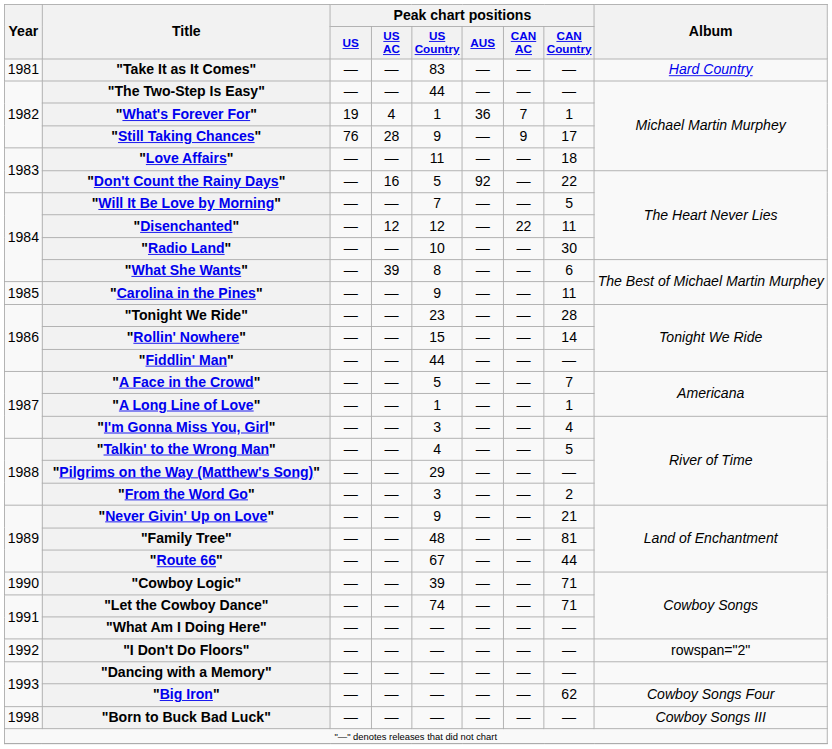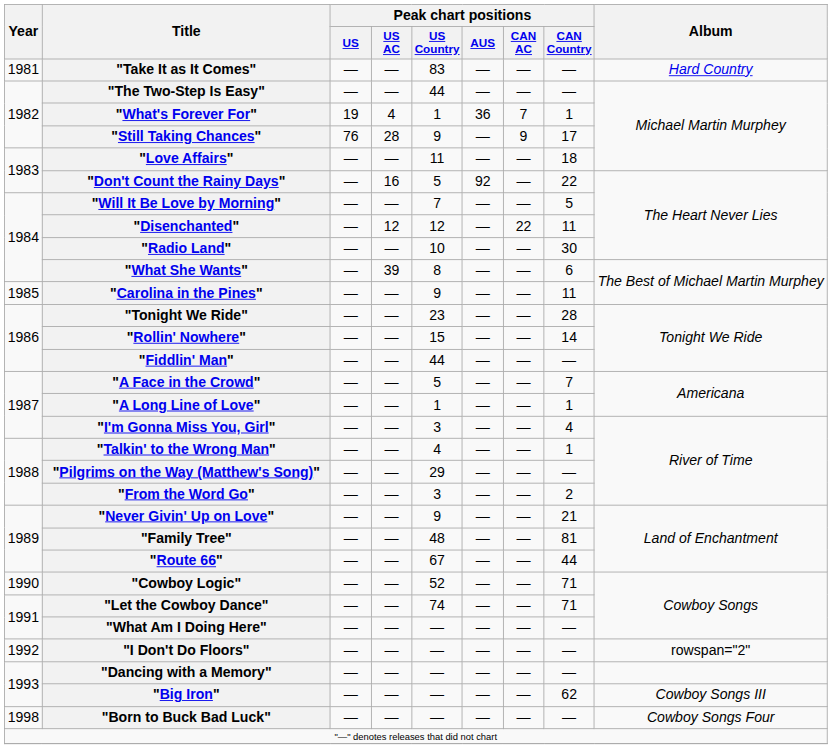 <table class="wikitable plainrowheaders" style="text-align:center;">
 <tr>
 <th rowspan="2">Year</th>
 <th rowspan="2" style="width:20em;">Title</th>
 <th colspan="6">Peak chart positions</th>
 <th rowspan="2">Album</th>
 </tr>
 <tr style="font-size:smaller;">
 <th width="40"><a href='#'>US</a><br></th>
 <th width="40"><a href='#'>US AC</a><br></th>
 <th width="40"><a href='#'>US Country</a><br></th>
 <th width="40"><a href='#'>AUS</a><br></th>
 <th width="40"><a href='#'>CAN AC</a><br></th>
 <th width="40"><a href='#'>CAN Country</a><br></th>
 </tr>
 <tr>
 <td>1981</td>
 <th scope="row">"Take It as It Comes" </th>
 <td>—</td>
 <td>—</td>
 <td>83</td>
 <td>—</td>
 <td>—</td>
 <td>—</td>
 <td><em><a href='#'>Hard Country</a></em> </td>
 </tr>
 <tr>
 <td rowspan="3">1982</td>
 <th scope="row">"The Two-Step Is Easy"</th>
 <td>—</td>
 <td>—</td>
 <td>44</td>
 <td>—</td>
 <td>—</td>
 <td>—</td>
 <td rowspan="4"><em>Michael Martin Murphey</em></td>
 </tr>
 <tr>
 <th scope="row">"<a href='#'>What's Forever For</a>"</th>
 <td>19</td>
 <td>4</td>
 <td>1</td>
 <td>36</td>
 <td>7</td>
 <td>1</td>
 </tr>
 <tr>
 <th scope="row">"<a href='#'>Still Taking Chances</a>"</th>
 <td>76</td>
 <td>28</td>
 <td>9</td>
 <td>—</td>
 <td>9</td>
 <td>17</td>
 </tr>
 <tr>
 <td rowspan="2">1983</td>
 <th scope="row">"<a href='#'>Love Affairs</a>"</th>
 <td>—</td>
 <td>—</td>
 <td>11</td>
 <td>—</td>
 <td>—</td>
 <td>18</td>
 </tr>
 <tr>
 <th scope="row">"<a href='#'>Don't Count the Rainy Days</a>"</th>
 <td>—</td>
 <td>16</td>
 <td>5</td>
 <td>92</td>
 <td>—</td>
 <td>22</td>
 <td rowspan="4"><em>The Heart Never Lies</em></td>
 </tr>
 <tr>
 <td rowspan="4">1984</td>
 <th scope="row">"<a href='#'>Will It Be Love by Morning</a>"</th>
 <td>—</td>
 <td>—</td>
 <td>7</td>
 <td>—</td>
 <td>—</td>
 <td>5</td>
 </tr>
 <tr>
 <th scope="row">"<a href='#'>Disenchanted</a>"</th>
 <td>—</td>
 <td>12</td>
 <td>12</td>
 <td>—</td>
 <td>22</td>
 <td>11</td>
 </tr>
 <tr>
 <th scope="row">"<a href='#'>Radio Land</a>"</th>
 <td>—</td>
 <td>—</td>
 <td>10</td>
 <td>—</td>
 <td>—</td>
 <td>30</td>
 </tr>
 <tr>
 <th scope="row">"<a href='#'>What She Wants</a>"</th>
 <td>—</td>
 <td>39</td>
 <td>8</td>
 <td>—</td>
 <td>—</td>
 <td>6</td>
 <td rowspan="2"><em>The Best of Michael Martin Murphey</em></td>
 </tr>
 <tr>
 <td>1985</td>
 <th scope="row">"<a href='#'>Carolina in the Pines</a>" </th>
 <td>—</td>
 <td>—</td>
 <td>9</td>
 <td>—</td>
 <td>—</td>
 <td>11</td>
 </tr>
 <tr>
 <td rowspan="3">1986</td>
 <th scope="row">"Tonight We Ride"</th>
 <td>—</td>
 <td>—</td>
 <td>23</td>
 <td>—</td>
 <td>—</td>
 <td>28</td>
 <td rowspan="3"><em>Tonight We Ride</em></td>
 </tr>
 <tr>
 <th scope="row">"<a href='#'>Rollin' Nowhere</a>"</th>
 <td>—</td>
 <td>—</td>
 <td>15</td>
 <td>—</td>
 <td>—</td>
 <td>14</td>
 </tr>
 <tr>
 <th scope="row">"<a href='#'>Fiddlin' Man</a>"</th>
 <td>—</td>
 <td>—</td>
 <td>44</td>
 <td>—</td>
 <td>—</td>
 <td>—</td>
 </tr>
 <tr>
 <td rowspan="3">1987</td>
 <th scope="row">"<a href='#'>A Face in the Crowd</a>" </th>
 <td>—</td>
 <td>—</td>
 <td>5</td>
 <td>—</td>
 <td>—</td>
 <td>7</td>
 <td rowspan="2"><em>Americana</em></td>
 </tr>
 <tr>
 <th scope="row">"<a href='#'>A Long Line of Love</a>"</th>
 <td>—</td>
 <td>—</td>
 <td>1</td>
 <td>—</td>
 <td>—</td>
 <td>1</td>
 </tr>
 <tr>
 <th scope="row">"<a href='#'>I'm Gonna Miss You, Girl</a>"</th>
 <td>—</td>
 <td>—</td>
 <td>3</td>
 <td>—</td>
 <td>—</td>
 <td>4</td>
 <td rowspan="4"><em>River of Time</em></td>
 </tr>
 <tr>
 <td rowspan="3">1988</td>
 <th scope="row">"<a href='#'>Talkin' to the Wrong Man</a>" </th>
 <td>—</td>
 <td>—</td>
 <td>4</td>
 <td>—</td>
 <td>—</td>
-<td>5</td>
+<td>1</td>
 </tr>
 <tr>
 <th scope="row">"<a href='#'>Pilgrims on the Way (Matthew's Song)</a>"</th>
 <td>—</td>
 <td>—</td>
 <td>29</td>
 <td>—</td>
 <td>—</td>
 <td>—</td>
 </tr>
 <tr>
 <th scope="row">"<a href='#'>From the Word Go</a>"</th>
 <td>—</td>
 <td>—</td>
 <td>3</td>
 <td>—</td>
 <td>—</td>
 <td>2</td>
 </tr>
 <tr>
 <td rowspan="3">1989</td>
 <th scope="row">"<a href='#'>Never Givin' Up on Love</a>"</th>
 <td>—</td>
 <td>—</td>
 <td>9</td>
 <td>—</td>
 <td>—</td>
 <td>21</td>
 <td rowspan="3"><em>Land of Enchantment</em></td>
 </tr>
 <tr>
 <th scope="row">"Family Tree"</th>
 <td>—</td>
 <td>—</td>
 <td>48</td>
 <td>—</td>
 <td>—</td>
 <td>81</td>
 </tr>
 <tr>
 <th scope="row">"<a href='#'>Route 66</a>"</th>
 <td>—</td>
 <td>—</td>
 <td>67</td>
 <td>—</td>
 <td>—</td>
 <td>44</td>
 </tr>
 <tr>
 <td>1990</td>
 <th scope="row">"Cowboy Logic"</th>
 <td>—</td>
 <td>—</td>
-<td>39</td>
+<td>52</td>
 <td>—</td>
 <td>—</td>
 <td>71</td>
 <td rowspan="3"><em>Cowboy Songs</em></td>
 </tr>
 <tr>
 <td rowspan="2">1991</td>
 <th scope="row">"Let the Cowboy Dance"</th>
 <td>—</td>
 <td>—</td>
 <td>74</td>
 <td>—</td>
 <td>—</td>
 <td>71</td>
 </tr>
 <tr>
 <th scope="row">"What Am I Doing Here"</th>
 <td>—</td>
 <td>—</td>
 <td>—</td>
 <td>—</td>
 <td>—</td>
 <td>—</td>
 </tr>
 <tr>
 <td>1992</td>
 <th scope="row">"I Don't Do Floors"</th>
 <td>—</td>
 <td>—</td>
 <td>—</td>
 <td>—</td>
 <td>—</td>
 <td>—</td>
 <td>rowspan="2" </td>
 </tr>
 <tr>
 <td rowspan="2">1993</td>
 <th scope="row">"Dancing with a Memory"</th>
 <td>—</td>
 <td>—</td>
 <td>—</td>
 <td>—</td>
 <td>—</td>
 <td>—</td>
 </tr>
 <tr>
 <th scope="row">"<a href='#'>Big Iron</a>" </th>
 <td>—</td>
 <td>—</td>
 <td>—</td>
 <td>—</td>
 <td>—</td>
 <td>62</td>
-<td><em>Cowboy Songs Four</em></td>
+<td><em>Cowboy Songs III</em></td>
 </tr>
 <tr>
 <td>1998</td>
 <th scope="row">"Born to Buck Bad Luck"</th>
 <td>—</td>
 <td>—</td>
 <td>—</td>
 <td>—</td>
 <td>—</td>
 <td>—</td>
-<td><em>Cowboy Songs III</em></td>
+<td><em>Cowboy Songs Four</em></td>
 </tr>
 <tr>
 <td colspan="9" style="font-size:8pt">"—" denotes releases that did not chart</td>
 </tr>
 <tr>
 </tr>
 </table>
